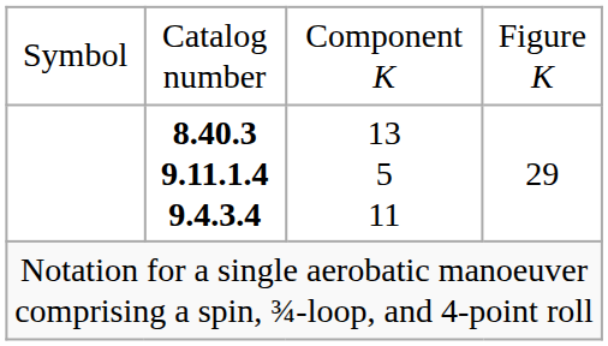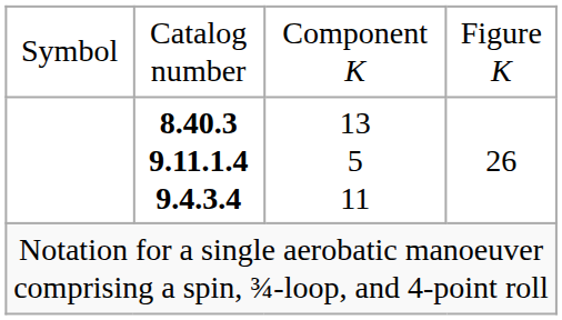 <table class="wikitable" align="right" width=250 style="font-size:88%; background:white">
 <tr>
 <td align="center">Symbol</td>
 <td align="center">Catalog<br>number</td>
 <td align="center">Component<br><em>K</em></td>
 <td align="center">Figure<br><em>K</em></td>
 </tr>
 <tr>
 <td></td>
 <td align="center"><strong>8.40.3<br>9.11.1.4<br>9.4.3.4</strong></td>
 <td align="center">13<br>5<br>11</td>
-<td align="center">29</td>
+<td align="center">26</td>
 </tr>
 <tr>
 <td colspan=4 align="center" style="background:#f9f9f9">Notation for a single aerobatic manoeuver comprising a spin, ¾-loop, and 4-point roll</td>
 </tr>
 </table>
